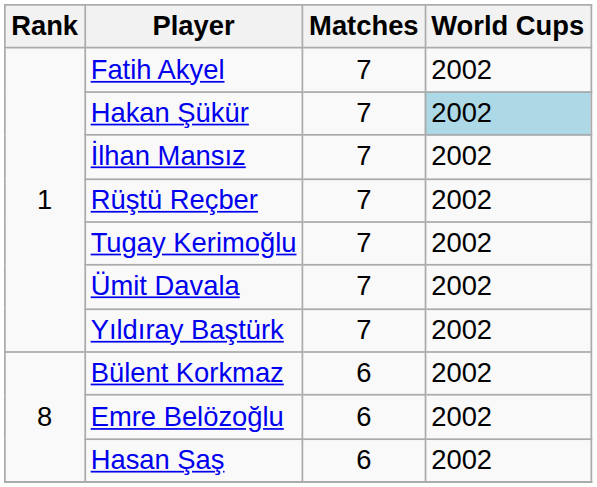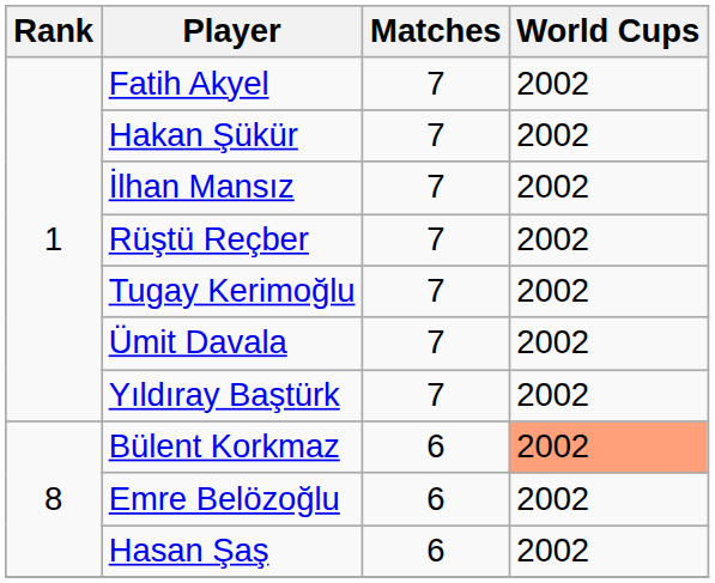 <table class="wikitable" style="text-align: left;">
 <tr>
 <th>Rank</th>
 <th>Player</th>
 <th>Matches</th>
 <th>World Cups</th>
 </tr>
 <tr>
 <td rowspan=7 align=center>1</td>
 <td><a href='#'>Fatih Akyel</a></td>
 <td align=center>7</td>
 <td>2002</td>
 </tr>
 <tr>
 <td><a href='#'>Hakan Şükür</a></td>
 <td align=center>7</td>
-<td style="background: lightblue;">2002</td>
+<td>2002</td>
 </tr>
 <tr>
 <td><a href='#'>İlhan Mansız</a></td>
 <td align=center>7</td>
 <td>2002</td>
 </tr>
 <tr>
 <td><a href='#'>Rüştü Reçber</a></td>
 <td align=center>7</td>
 <td>2002</td>
 </tr>
 <tr>
 <td><a href='#'>Tugay Kerimoğlu</a></td>
 <td align=center>7</td>
 <td>2002</td>
 </tr>
 <tr>
 <td><a href='#'>Ümit Davala</a></td>
 <td align=center>7</td>
 <td>2002</td>
 </tr>
 <tr>
 <td><a href='#'>Yıldıray Baştürk</a></td>
 <td align=center>7</td>
 <td>2002</td>
 </tr>
 <tr>
 <td rowspan=3 align=center>8</td>
 <td><a href='#'>Bülent Korkmaz</a></td>
 <td align=center>6</td>
-<td>2002</td>
+<td style="background: lightsalmon;">2002</td>
 </tr>
 <tr>
 <td><a href='#'>Emre Belözoğlu</a></td>
 <td align=center>6</td>
 <td>2002</td>
 </tr>
 <tr>
 <td><a href='#'>Hasan Şaş</a></td>
 <td align=center>6</td>
 <td>2002</td>
 </tr>
 <tr>
 </tr>
 </table>
